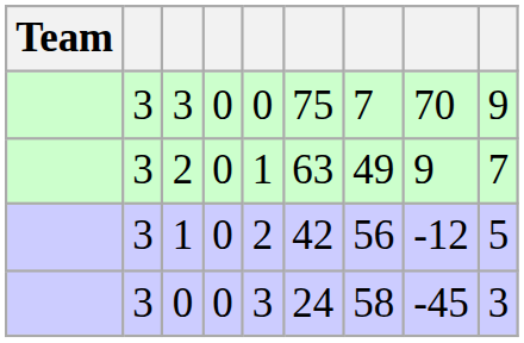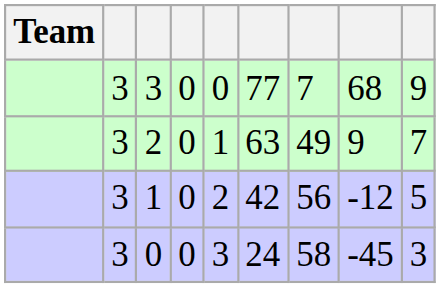 <table class="wikitable">
 <tr>
 <th>Team</th>
 <th></th>
 <th></th>
 <th></th>
 <th></th>
 <th></th>
 <th></th>
 <th></th>
 <th></th>
 </tr>
 <tr bgcolor="ccffcc">
 <td align="left"></td>
 <td>3</td>
 <td>3</td>
 <td>0</td>
 <td>0</td>
-<td>75</td>
+<td>77</td>
 <td>7</td>
-<td>70</td>
+<td>68</td>
 <td>9</td>
 </tr>
 <tr bgcolor="ccffcc">
 <td align="left"></td>
 <td>3</td>
 <td>2</td>
 <td>0</td>
 <td>1</td>
 <td>63</td>
 <td>49</td>
 <td>9</td>
 <td>7</td>
 </tr>
 <tr bgcolor="ccccff">
 <td align="left"></td>
 <td>3</td>
 <td>1</td>
 <td>0</td>
 <td>2</td>
 <td>42</td>
 <td>56</td>
 <td>-12</td>
 <td>5</td>
 </tr>
 <tr bgcolor="ccccff">
 <td align="left"></td>
 <td>3</td>
 <td>0</td>
 <td>0</td>
 <td>3</td>
 <td>24</td>
 <td>58</td>
 <td>-45</td>
 <td>3</td>
 </tr>
 </table>
